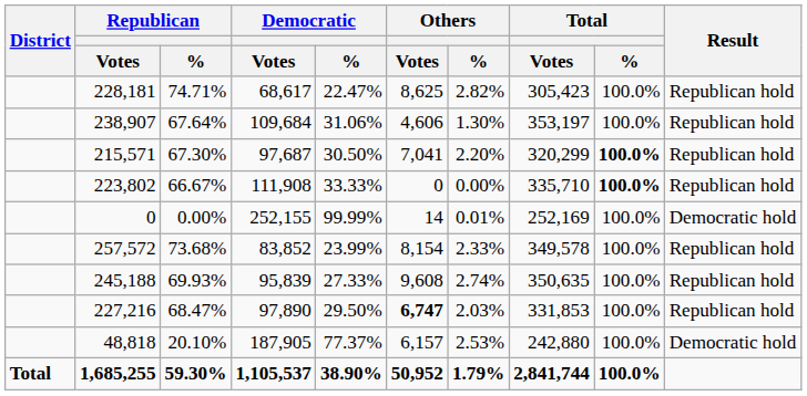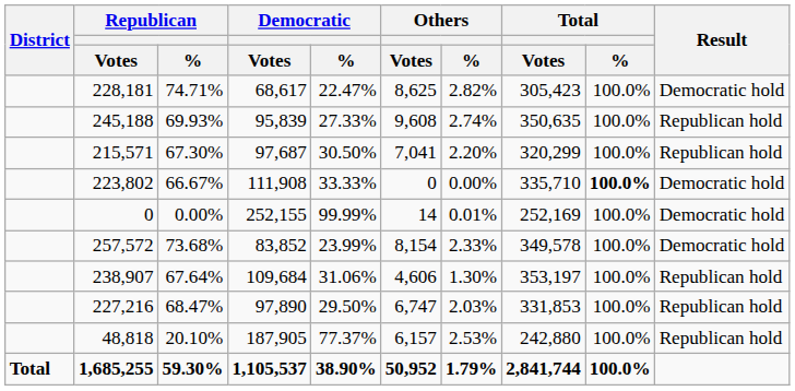 <table class="wikitable plainrowheaders sortable" style="font-size:85%; text-align:right;">
 <tr>
 <th scope=col rowspan=3><a href='#'>District</a></th>
 <th scope=col colspan=2><a href='#'>Republican</a></th>
 <th scope=col colspan=2><a href='#'>Democratic</a></th>
 <th scope=col colspan=2>Others</th>
 <th scope=col colspan=2>Total</th>
 <th scope=col rowspan=3>Result</th>
 </tr>
 <tr>
 <th scope=col colspan=2 style="background:"></th>
 <th scope=col colspan=2 style="background:"></th>
 <th scope=col colspan=2></th>
 <th scope=col colspan=2></th>
 </tr>
 <tr>
 <th scope=col data-sort-type="number">Votes</th>
 <th scope=col data-sort-type="number">%</th>
 <th scope=col data-sort-type="number">Votes</th>
 <th scope=col data-sort-type="number">%</th>
 <th scope=col data-sort-type="number">Votes</th>
 <th scope=col data-sort-type="number">%</th>
 <th scope=col data-sort-type="number">Votes</th>
 <th scope=col data-sort-type="number">%</th>
 </tr>
 <tr>
 <td align=left></td>
 <td>228,181</td>
 <td>74.71%</td>
 <td>68,617</td>
 <td>22.47%</td>
 <td>8,625</td>
 <td>2.82%</td>
 <td>305,423</td>
 <td>100.0%</td>
-<td align=left>Republican hold</td>
+<td align=left>Democratic hold</td>
 </tr>
 <tr>
 <td align=left></td>
-<td>238,907</td>
-<td>67.64%</td>
-<td>109,684</td>
-<td>31.06%</td>
-<td>4,606</td>
-<td>1.30%</td>
-<td>353,197</td>
+<td>245,188</td>
+<td>69.93%</td>
+<td>95,839</td>
+<td>27.33%</td>
+<td>9,608</td>
+<td>2.74%</td>
+<td>350,635</td>
 <td>100.0%</td>
 <td align=left>Republican hold</td>
 </tr>
 <tr>
 <td align=left></td>
 <td>215,571</td>
 <td>67.30%</td>
 <td>97,687</td>
 <td>30.50%</td>
 <td>7,041</td>
 <td>2.20%</td>
 <td>320,299</td>
-<td><strong>100.0%</strong></td>
+<td>100.0%</td>
 <td align=left>Republican hold</td>
 </tr>
 <tr>
 <td align=left></td>
 <td>223,802</td>
 <td>66.67%</td>
 <td>111,908</td>
 <td>33.33%</td>
 <td>0</td>
 <td>0.00%</td>
 <td>335,710</td>
 <td><strong>100.0%</strong></td>
-<td align=left>Republican hold</td>
+<td align=left>Democratic hold</td>
 </tr>
 <tr>
 <td align=left></td>
 <td>0</td>
 <td>0.00%</td>
 <td>252,155</td>
 <td>99.99%</td>
 <td>14</td>
 <td>0.01%</td>
 <td>252,169</td>
 <td>100.0%</td>
 <td align=left>Democratic hold</td>
 </tr>
 <tr>
 <td align=left></td>
 <td>257,572</td>
 <td>73.68%</td>
 <td>83,852</td>
 <td>23.99%</td>
 <td>8,154</td>
 <td>2.33%</td>
 <td>349,578</td>
 <td>100.0%</td>
-<td align=left>Republican hold</td>
+<td align=left>Democratic hold</td>
 </tr>
 <tr>
 <td align=left></td>
-<td>245,188</td>
-<td>69.93%</td>
-<td>95,839</td>
-<td>27.33%</td>
-<td>9,608</td>
-<td>2.74%</td>
-<td>350,635</td>
+<td>238,907</td>
+<td>67.64%</td>
+<td>109,684</td>
+<td>31.06%</td>
+<td>4,606</td>
+<td>1.30%</td>
+<td>353,197</td>
 <td>100.0%</td>
 <td align=left>Republican hold</td>
 </tr>
 <tr>
 <td align=left></td>
 <td>227,216</td>
 <td>68.47%</td>
 <td>97,890</td>
 <td>29.50%</td>
-<td><strong>6,747</strong></td>
+<td>6,747</td>
 <td>2.03%</td>
 <td>331,853</td>
 <td>100.0%</td>
 <td align=left>Republican hold</td>
 </tr>
 <tr>
 <td align=left></td>
 <td>48,818</td>
 <td>20.10%</td>
 <td>187,905</td>
 <td>77.37%</td>
 <td>6,157</td>
 <td>2.53%</td>
 <td>242,880</td>
 <td>100.0%</td>
-<td align=left>Democratic hold</td>
+<td align=left>Republican hold</td>
 </tr>
 <tr class="sortbottom" style="font-weight:bold">
 <td align=left>Total</td>
 <td>1,685,255</td>
 <td>59.30%</td>
 <td>1,105,537</td>
 <td>38.90%</td>
 <td>50,952</td>
 <td>1.79%</td>
 <td>2,841,744</td>
 <td>100.0%</td>
 <td></td>
 </tr>
 </table>
